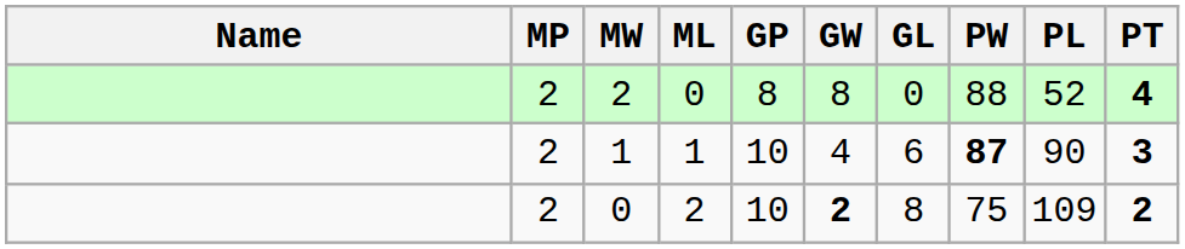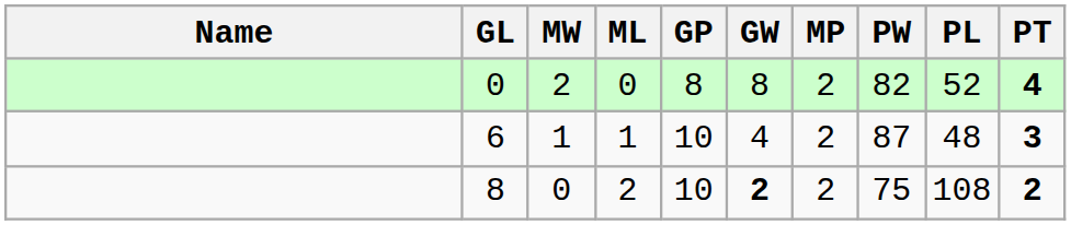 <table class=wikitable style="text-align:center">
 <tr>
 <th width=175>Name</th>
-<th width=20>MP</th>
+<th width=20>GL</th>
 <th width=20>MW</th>
 <th width=20>ML</th>
 <th width=20>GP</th>
 <th width=20>GW</th>
-<th width=20>GL</th>
+<th width=20>MP</th>
 <th width=20>PW</th>
 <th width=20>PL</th>
 <th width=20>PT</th>
 </tr>
 <tr style="background-color:#ccffcc;">
 <td style="text-align:left;"><strong></strong></td>
-<td>2</td>
+<td>0</td>
 <td>2</td>
 <td>0</td>
 <td>8</td>
 <td>8</td>
-<td>0</td>
-<td>88</td>
+<td>2</td>
+<td>82</td>
 <td>52</td>
 <td><strong>4</strong></td>
 </tr>
 <tr>
 <td style="text-align:left;"></td>
-<td>2</td>
+<td>6</td>
 <td>1</td>
 <td>1</td>
 <td>10</td>
 <td>4</td>
-<td>6</td>
-<td><strong>87</strong></td>
-<td>90</td>
+<td>2</td>
+<td>87</td>
+<td>48</td>
 <td><strong>3</strong></td>
 </tr>
 <tr>
 <td style="text-align:left;"></td>
-<td>2</td>
+<td>8</td>
 <td>0</td>
 <td>2</td>
 <td>10</td>
 <td><strong>2</strong></td>
-<td>8</td>
+<td>2</td>
 <td>75</td>
-<td>109</td>
+<td>108</td>
 <td><strong>2</strong></td>
 </tr>
 </table>
